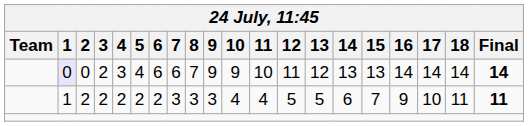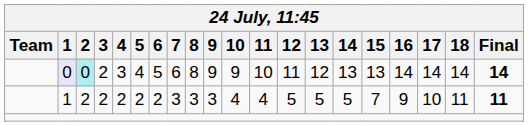 <table class=wikitable style="text-align:center; width: 55%">
 <tr>
 <th colspan=20><em>24 July, 11:45</em></th>
 </tr>
 <tr>
 <th>Team</th>
 <th>1</th>
 <th>2</th>
 <th>3</th>
 <th>4</th>
 <th>5</th>
 <th>6</th>
 <th>7</th>
 <th>8</th>
 <th>9</th>
 <th>10</th>
 <th>11</th>
 <th>12</th>
 <th>13</th>
 <th>14</th>
 <th>15</th>
 <th>16</th>
 <th>17</th>
 <th>18</th>
 <th>Final</th>
 </tr>
 <tr>
 <td align=left><strong></strong></td>
 <td style="background: lavender;">0</td>
-<td>0</td>
+<td style="background: paleturquoise;">0</td>
 <td>2</td>
 <td>3</td>
 <td>4</td>
+<td>5</td>
 <td>6</td>
-<td>6</td>
-<td>7</td>
+<td>8</td>
 <td>9</td>
 <td>9</td>
 <td>10</td>
 <td>11</td>
 <td>12</td>
 <td>13</td>
 <td>13</td>
 <td>14</td>
 <td>14</td>
 <td>14</td>
 <td><strong>14</strong></td>
 </tr>
 <tr>
 <td align=left></td>
 <td>1</td>
 <td>2</td>
 <td>2</td>
 <td>2</td>
 <td>2</td>
 <td>2</td>
 <td>3</td>
 <td>3</td>
 <td>3</td>
 <td>4</td>
 <td>4</td>
 <td>5</td>
 <td>5</td>
-<td>6</td>
+<td>5</td>
 <td>7</td>
 <td>9</td>
 <td>10</td>
 <td>11</td>
 <td><strong>11</strong></td>
 </tr>
 <tr>
 <td colspan=20></td>
 </tr>
 </table>
